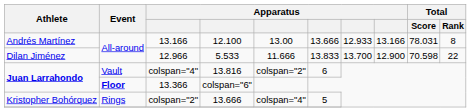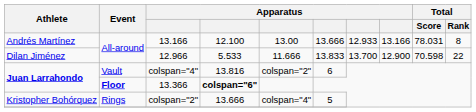 <table class=wikitable style=font-size:90%;text-align:center>
 <tr>
 <th rowspan=2>Athlete</th>
 <th rowspan=2>Event</th>
 <th colspan=6>Apparatus</th>
 <th colspan=2>Total</th>
 </tr>
 <tr style=font-size:95%>
 <th></th>
 <th></th>
 <th></th>
 <th></th>
 <th></th>
 <th></th>
 <th>Score</th>
 <th>Rank</th>
 </tr>
 <tr>
 <td align=left><a href='#'>Andrés Martínez</a></td>
 <td align=left rowspan=2><a href='#'>All-around</a></td>
 <td>13.166</td>
 <td>12.100</td>
 <td>13.00</td>
 <td>13.666</td>
 <td>12.933</td>
 <td>13.166</td>
 <td>78.031</td>
 <td>8</td>
 </tr>
 <tr>
 <td align=left><a href='#'>Dilan Jiménez</a></td>
 <td>12.966</td>
 <td>5.533</td>
 <td>11.666</td>
 <td>13.833</td>
 <td>13.700</td>
 <td>12.900</td>
 <td>70.598</td>
 <td>22</td>
 </tr>
 <tr>
 <td align=left rowspan="2"><strong><a href='#'>Juan Larrahondo</a></strong></td>
 <td align=left><a href='#'>Vault</a></td>
 <td>colspan="4" </td>
 <td>13.816</td>
 <td>colspan="2" </td>
 <td>6</td>
 </tr>
 <tr>
 <td align=left><strong><a href='#'>Floor</a></strong></td>
 <td>13.366</td>
-<td>colspan="6" </td>
+<td><strong>colspan="6" </strong></td>
 <td></td>
 </tr>
 <tr>
 <td align=left><a href='#'>Kristopher Bohórquez</a></td>
 <td align=left><a href='#'>Rings</a></td>
 <td>colspan="2" </td>
 <td>13.666</td>
 <td>colspan="4" </td>
 <td>5</td>
 </tr>
 <tr>
 </tr>
 </table>
